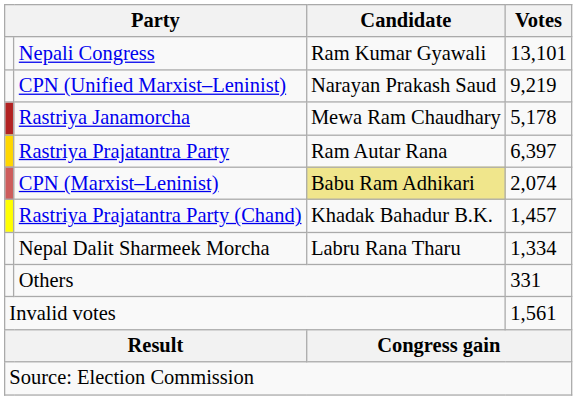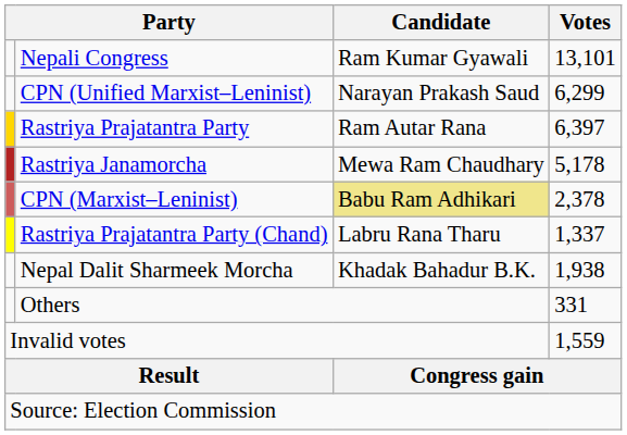 <table class="wikitable">
 <tr>
 <th colspan="2">Party</th>
 <th>Candidate</th>
 <th>Votes</th>
 </tr>
 <tr>
 <td style="background-color:"></td>
 <td><a href='#'>Nepali Congress</a></td>
 <td>Ram Kumar Gyawali</td>
 <td>13,101</td>
 </tr>
 <tr>
 <td style="background-color:"></td>
 <td><a href='#'>CPN (Unified Marxist–Leninist)</a></td>
 <td>Narayan Prakash Saud</td>
-<td>9,219</td>
+<td>6,299</td>
+</tr>
+<tr>
+<td style="background-color:gold"></td>
+<td><a href='#'>Rastriya Prajatantra Party</a></td>
+<td>Ram Autar Rana</td>
+<td>6,397</td>
 </tr>
 <tr>
 <td style="background-color:firebrick"></td>
 <td><a href='#'>Rastriya Janamorcha</a></td>
 <td>Mewa Ram Chaudhary</td>
 <td>5,178</td>
 </tr>
 <tr>
-<td style="background-color:gold"></td>
-<td><a href='#'>Rastriya Prajatantra Party</a></td>
-<td>Ram Autar Rana</td>
-<td>6,397</td>
-</tr>
-<tr>
 <td style="background-color:indianred"></td>
 <td><a href='#'>CPN (Marxist–Leninist)</a></td>
 <td style="background: khaki;">Babu Ram Adhikari</td>
-<td>2,074</td>
+<td>2,378</td>
 </tr>
 <tr>
 <td style="background-color:yellow"></td>
 <td><a href='#'>Rastriya Prajatantra Party (Chand)</a></td>
-<td>Khadak Bahadur B.K.</td>
-<td>1,457</td>
+<td>Labru Rana Tharu</td>
+<td>1,337</td>
 </tr>
 <tr>
 <td></td>
 <td>Nepal Dalit Sharmeek Morcha</td>
-<td>Labru Rana Tharu</td>
-<td>1,334</td>
+<td>Khadak Bahadur B.K.</td>
+<td>1,938</td>
 </tr>
 <tr>
 <td></td>
 <td colspan="2">Others</td>
 <td>331</td>
 </tr>
 <tr>
 <td colspan="3">Invalid votes</td>
-<td>1,561</td>
+<td>1,559</td>
 </tr>
 <tr>
 <th colspan="2">Result</th>
 <th colspan="2">Congress gain</th>
 </tr>
 <tr>
 <td colspan="4">Source: Election Commission</td>
 </tr>
 </table>
